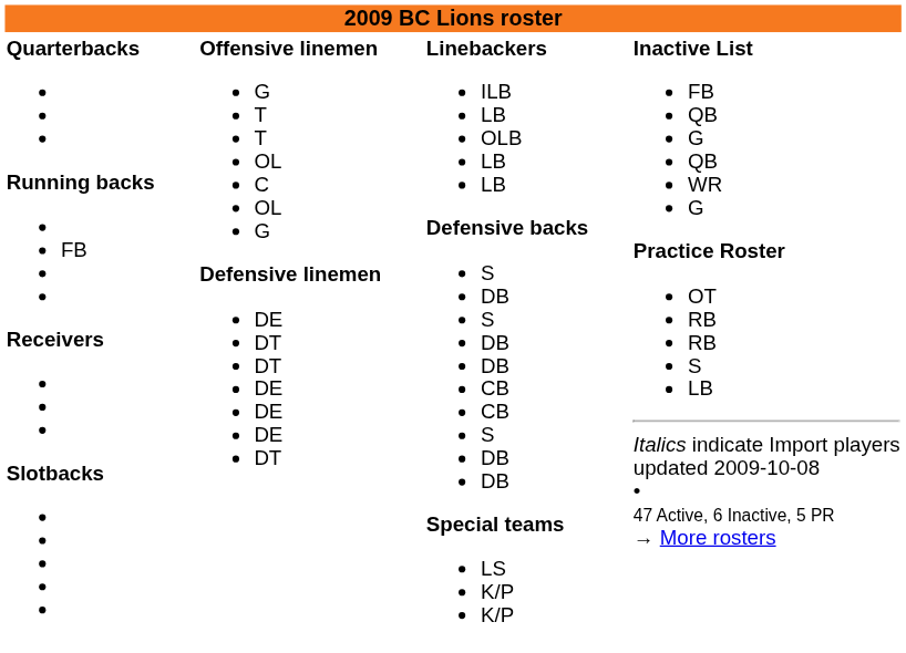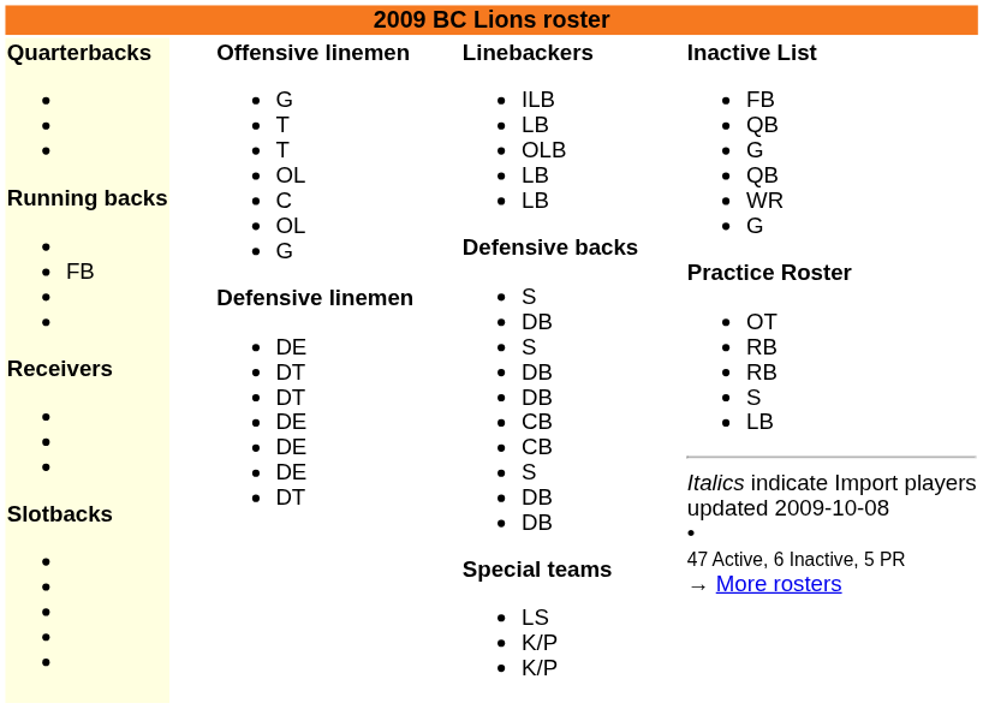 <table class="toccolours" style="text-align: left;">
 <tr>
 <th colspan="7" style="background-color: #F6791F; color:black; text-align:center;">2009 BC Lions roster</th>
 </tr>
 <tr>
-<td style="font-size: 95%;vertical-align:top;"><strong>Quarterbacks</strong><br><ul><li></li><li></li><li></li></ul><strong>Running backs</strong><ul><li></li><li> FB</li><li></li><li></li></ul><strong>Receivers</strong><ul><li></li><li></li><li></li></ul><strong>Slotbacks</strong><ul><li></li><li></li><li></li><li></li><li></li></ul></td>
+<td style="background: lightyellow; font-size: 95%;vertical-align:top;"><strong>Quarterbacks</strong><br><ul><li></li><li></li><li></li></ul><strong>Running backs</strong><ul><li></li><li> FB</li><li></li><li></li></ul><strong>Receivers</strong><ul><li></li><li></li><li></li></ul><strong>Slotbacks</strong><ul><li></li><li></li><li></li><li></li><li></li></ul></td>
 <td style="width: 25px;"></td>
 <td style="font-size: 95%;vertical-align:top;"><strong>Offensive linemen</strong><br><ul><li> G</li><li> T</li><li> T</li><li> OL</li><li> C</li><li> OL</li><li> G</li></ul><strong>Defensive linemen</strong><ul><li> DE</li><li> DT</li><li> DT</li><li> DE</li><li> DE</li><li> DE</li><li> DT</li></ul></td>
 <td style="width: 25px;"></td>
 <td style="font-size: 95%;vertical-align:top;"><strong>Linebackers</strong><br><ul><li> ILB</li><li> LB</li><li> OLB</li><li> LB</li><li> LB</li></ul><strong>Defensive backs</strong><ul><li> S</li><li> DB</li><li> S</li><li> DB</li><li> DB</li><li> CB</li><li> CB</li><li> S</li><li> DB</li><li> DB</li></ul><strong>Special teams</strong><ul><li> LS</li><li> K/P</li><li> K/P</li></ul></td>
 <td style="width: 25px;"></td>
 <td style="font-size: 95%;vertical-align:top;"><strong>Inactive List</strong><br><ul><li> FB </li><li> QB </li><li> G </li><li> QB </li><li> WR </li><li> G </li></ul><strong>Practice Roster</strong><ul><li> OT</li><li> RB</li><li> RB</li><li> S</li><li> LB</li></ul><hr> <em>Italics</em> indicate Import players<br> <span></span> updated 2009-10-08<br> <span></span> • <span></span><br> <small>47 Active, 6 Inactive, 5 PR</small><br>→ <a href='#'>More rosters</a></td>
 </tr>
 <tr>
 </tr>
 </table>
